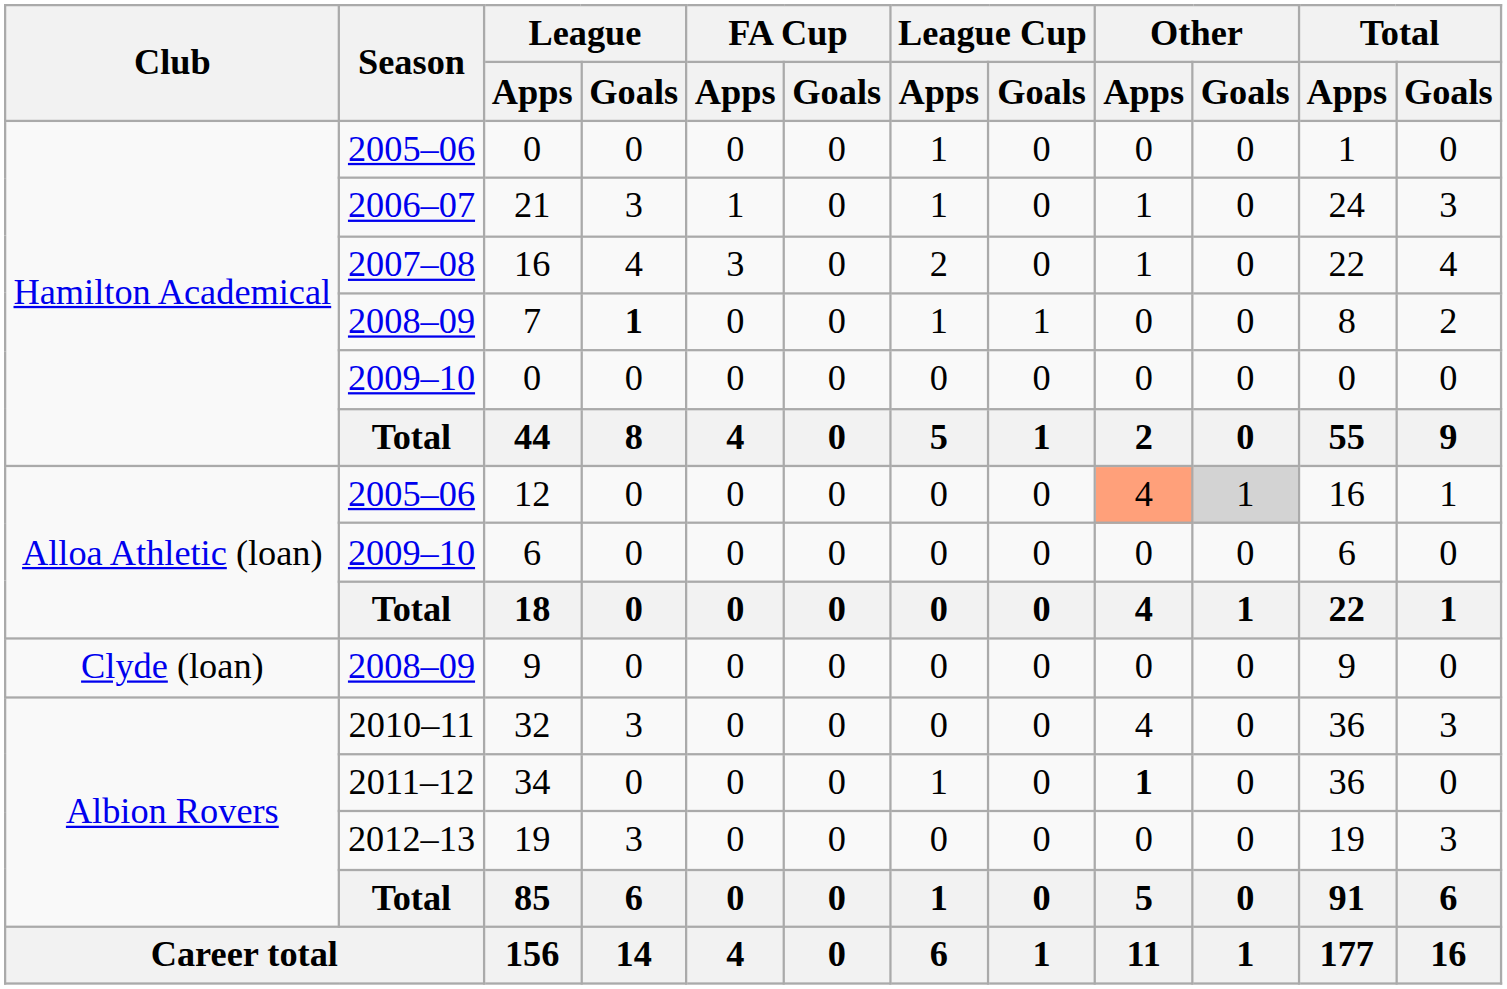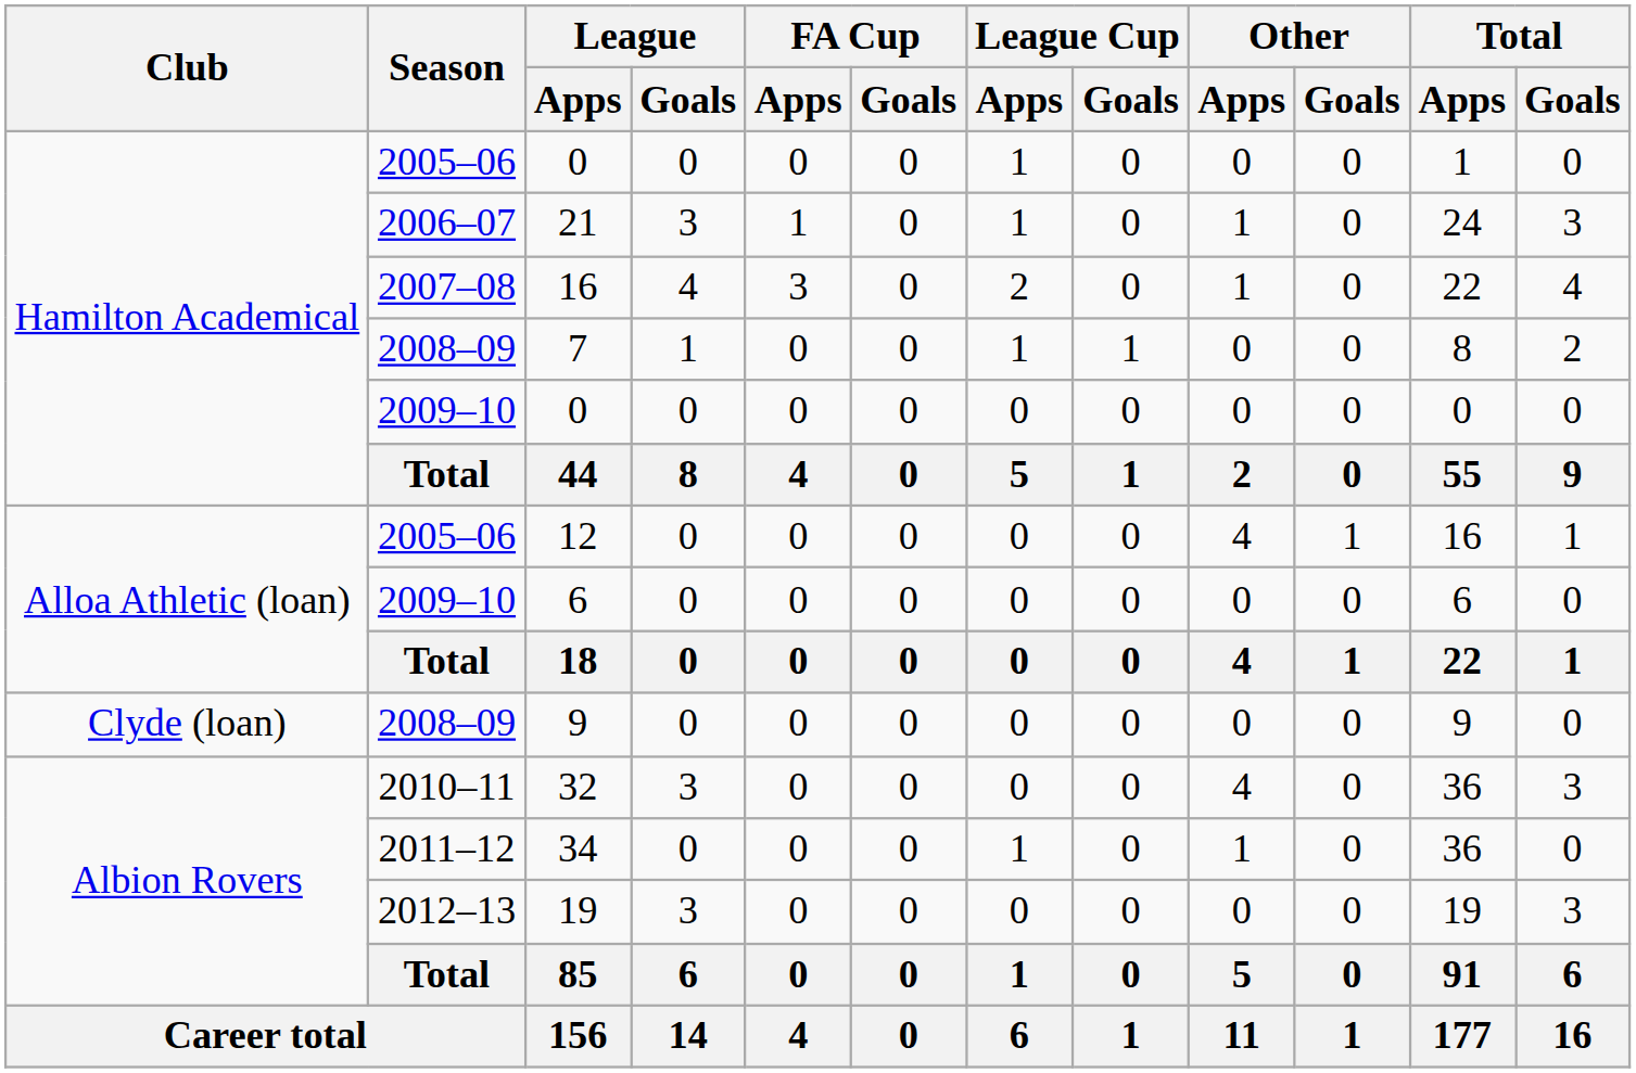 <table class="wikitable" style="text-align: center;">
 <tr>
 <th rowspan="2">Club</th>
 <th rowspan="2">Season</th>
 <th colspan="2">League</th>
 <th colspan="2">FA Cup</th>
 <th colspan="2">League Cup</th>
 <th colspan="2">Other</th>
 <th colspan="2">Total</th>
 </tr>
 <tr>
 <th>Apps</th>
 <th>Goals</th>
 <th>Apps</th>
 <th>Goals</th>
 <th>Apps</th>
 <th>Goals</th>
 <th>Apps</th>
 <th>Goals</th>
 <th>Apps</th>
 <th>Goals</th>
 </tr>
 <tr>
 <td rowspan="6" valign="center"><a href='#'>Hamilton Academical</a></td>
 <td><a href='#'>2005–06</a></td>
 <td>0</td>
 <td>0</td>
 <td>0</td>
 <td>0</td>
 <td>1</td>
 <td>0</td>
 <td>0</td>
 <td>0</td>
 <td>1</td>
 <td>0</td>
 </tr>
 <tr>
 <td><a href='#'>2006–07</a></td>
 <td>21</td>
 <td>3</td>
 <td>1</td>
 <td>0</td>
 <td>1</td>
 <td>0</td>
 <td>1</td>
 <td>0</td>
 <td>24</td>
 <td>3</td>
 </tr>
 <tr>
 <td><a href='#'>2007–08</a></td>
 <td>16</td>
 <td>4</td>
 <td>3</td>
 <td>0</td>
 <td>2</td>
 <td>0</td>
 <td>1</td>
 <td>0</td>
 <td>22</td>
 <td>4</td>
 </tr>
 <tr>
 <td><a href='#'>2008–09</a></td>
 <td>7</td>
-<td><strong>1</strong></td>
+<td>1</td>
 <td>0</td>
 <td>0</td>
 <td>1</td>
 <td>1</td>
 <td>0</td>
 <td>0</td>
 <td>8</td>
 <td>2</td>
 </tr>
 <tr>
 <td><a href='#'>2009–10</a></td>
 <td>0</td>
 <td>0</td>
 <td>0</td>
 <td>0</td>
 <td>0</td>
 <td>0</td>
 <td>0</td>
 <td>0</td>
 <td>0</td>
 <td>0</td>
 </tr>
 <tr>
 <th>Total</th>
 <th>44</th>
 <th>8</th>
 <th>4</th>
 <th>0</th>
 <th>5</th>
 <th>1</th>
 <th>2</th>
 <th>0</th>
 <th>55</th>
 <th>9</th>
 </tr>
 <tr>
 <td rowspan="3" valign="center"><a href='#'>Alloa Athletic</a> (loan)</td>
 <td><a href='#'>2005–06</a></td>
 <td>12</td>
 <td>0</td>
 <td>0</td>
 <td>0</td>
 <td>0</td>
 <td>0</td>
-<td style="background: lightsalmon;">4</td>
-<td style="background: lightgrey;">1</td>
+<td>4</td>
+<td>1</td>
 <td>16</td>
 <td>1</td>
 </tr>
 <tr>
 <td><a href='#'>2009–10</a></td>
 <td>6</td>
 <td>0</td>
 <td>0</td>
 <td>0</td>
 <td>0</td>
 <td>0</td>
 <td>0</td>
 <td>0</td>
 <td>6</td>
 <td>0</td>
 </tr>
 <tr>
 <th>Total</th>
 <th>18</th>
 <th>0</th>
 <th>0</th>
 <th>0</th>
 <th>0</th>
 <th>0</th>
 <th>4</th>
 <th>1</th>
 <th>22</th>
 <th>1</th>
 </tr>
 <tr>
 <td rowspan="1" valign="center"><a href='#'>Clyde</a> (loan)</td>
 <td><a href='#'>2008–09</a></td>
 <td>9</td>
 <td>0</td>
 <td>0</td>
 <td>0</td>
 <td>0</td>
 <td>0</td>
 <td>0</td>
 <td>0</td>
 <td>9</td>
 <td>0</td>
 </tr>
 <tr>
 <td rowspan="4" valign="center"><a href='#'>Albion Rovers</a></td>
 <td>2010–11</td>
 <td>32</td>
 <td>3</td>
 <td>0</td>
 <td>0</td>
 <td>0</td>
 <td>0</td>
 <td>4</td>
 <td>0</td>
 <td>36</td>
 <td>3</td>
 </tr>
 <tr>
 <td>2011–12</td>
 <td>34</td>
 <td>0</td>
 <td>0</td>
 <td>0</td>
 <td>1</td>
 <td>0</td>
-<td><strong>1</strong></td>
+<td>1</td>
 <td>0</td>
 <td>36</td>
 <td>0</td>
 </tr>
 <tr>
 <td>2012–13</td>
 <td>19</td>
 <td>3</td>
 <td>0</td>
 <td>0</td>
 <td>0</td>
 <td>0</td>
 <td>0</td>
 <td>0</td>
 <td>19</td>
 <td>3</td>
 </tr>
 <tr>
 <th>Total</th>
 <th>85</th>
 <th>6</th>
 <th>0</th>
 <th>0</th>
 <th>1</th>
 <th>0</th>
 <th>5</th>
 <th>0</th>
 <th>91</th>
 <th>6</th>
 </tr>
 <tr>
 <th colspan="2">Career total</th>
 <th>156</th>
 <th>14</th>
 <th>4</th>
 <th>0</th>
 <th>6</th>
 <th>1</th>
 <th>11</th>
 <th>1</th>
 <th>177</th>
 <th>16</th>
 </tr>
 </table>
